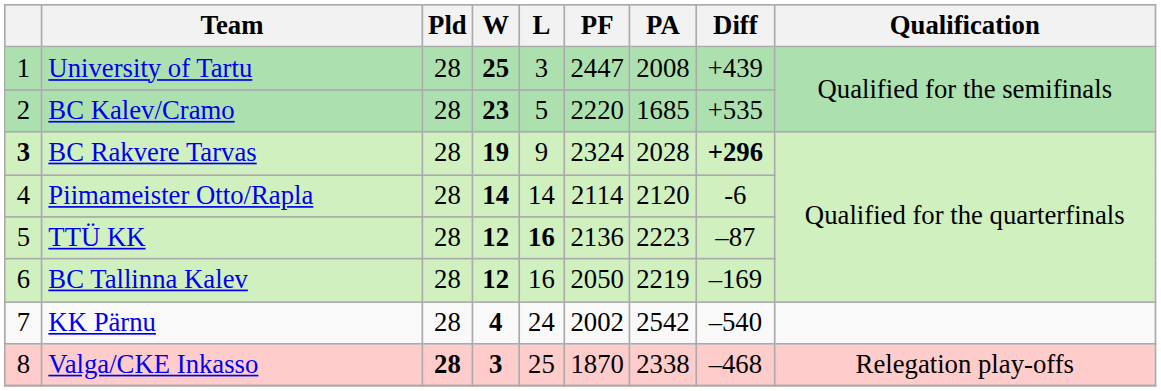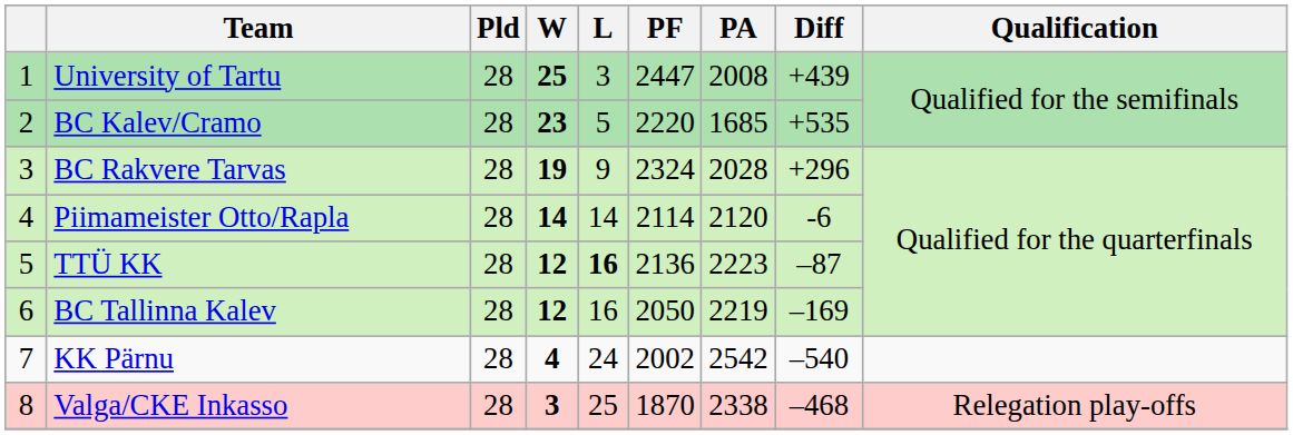 <table class="wikitable" style="text-align: center;">
 <tr>
 <th width=15></th>
 <th width=220>Team</th>
 <th width=20>Pld</th>
 <th width=20>W</th>
 <th width=20>L</th>
 <th width=20>PF</th>
 <th width=20>PA</th>
 <th width=40>Diff</th>
 <th width=220>Qualification</th>
 </tr>
 <tr bgcolor=ACE1AF>
 <td>1</td>
 <td align="left"><a href='#'>University of Tartu</a></td>
 <td>28</td>
 <td><strong>25</strong></td>
 <td>3</td>
 <td>2447</td>
 <td>2008</td>
 <td>+439</td>
 <td rowspan=2 align="center">Qualified for the semifinals</td>
 </tr>
 <tr bgcolor=ACE1AF>
 <td>2</td>
 <td align="left"><a href='#'>BC Kalev/Cramo</a></td>
 <td>28</td>
 <td><strong>23</strong></td>
 <td>5</td>
 <td>2220</td>
 <td>1685</td>
 <td>+535</td>
 </tr>
 <tr bgcolor=D0F0C0>
-<td><strong>3</strong></td>
+<td>3</td>
 <td align="left"><a href='#'>BC Rakvere Tarvas</a></td>
 <td>28</td>
 <td><strong>19</strong></td>
 <td>9</td>
 <td>2324</td>
 <td>2028</td>
-<td><strong>+296</strong></td>
+<td>+296</td>
 <td rowspan=4 align="center">Qualified for the quarterfinals</td>
 </tr>
 <tr bgcolor=D0F0C0>
 <td>4</td>
 <td align="left"><a href='#'>Piimameister Otto/Rapla</a></td>
 <td>28</td>
 <td><strong>14</strong></td>
 <td>14</td>
 <td>2114</td>
 <td>2120</td>
 <td>-6</td>
 </tr>
 <tr bgcolor=D0F0C0>
 <td>5</td>
 <td align="left"><a href='#'>TTÜ KK</a></td>
 <td>28</td>
 <td><strong>12</strong></td>
 <td><strong>16</strong></td>
 <td>2136</td>
 <td>2223</td>
 <td>–87</td>
 </tr>
 <tr bgcolor=D0F0C0>
 <td>6</td>
 <td align="left"><a href='#'>BC Tallinna Kalev</a></td>
 <td>28</td>
 <td><strong>12</strong></td>
 <td>16</td>
 <td>2050</td>
 <td>2219</td>
 <td>–169</td>
 </tr>
 <tr bgcolor=>
 <td>7</td>
 <td align="left"><a href='#'>KK Pärnu</a></td>
 <td>28</td>
 <td><strong>4</strong></td>
 <td>24</td>
 <td>2002</td>
 <td>2542</td>
 <td>–540</td>
 </tr>
 <tr bgcolor=#FFCCCC>
 <td>8</td>
 <td align="left"><a href='#'>Valga/CKE Inkasso</a></td>
-<td><strong>28</strong></td>
+<td>28</td>
 <td><strong>3</strong></td>
 <td>25</td>
 <td>1870</td>
 <td>2338</td>
 <td>–468</td>
 <td>Relegation play-offs</td>
 </tr>
 <tr>
 </tr>
 </table>
